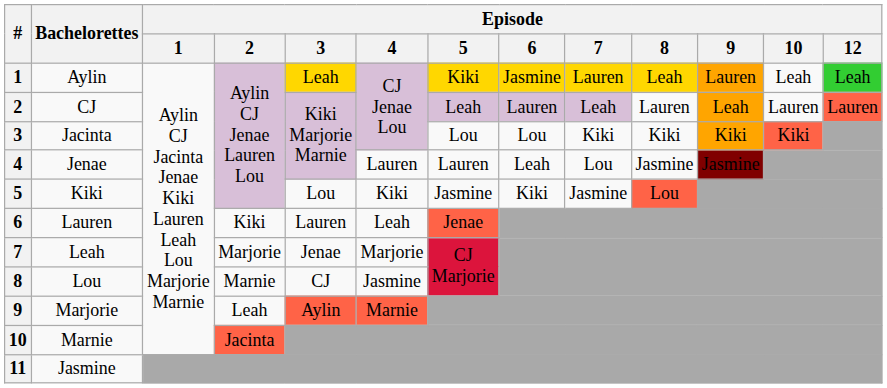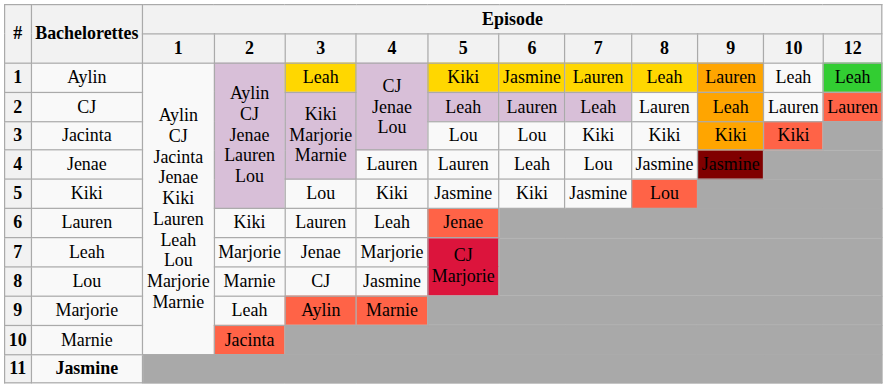 <table class="wikitable" style="text-align:center; font-size:92%">
 <tr>
 <th rowspan="2">#</th>
 <th rowspan="2">Bachelorettes</th>
 <th colspan="11">Episode</th>
 </tr>
 <tr>
 <th>1</th>
 <th>2</th>
 <th>3</th>
 <th>4</th>
 <th>5</th>
 <th>6</th>
 <th>7</th>
 <th>8</th>
 <th>9</th>
 <th>10</th>
 <th>12</th>
 </tr>
 <tr>
 <th>1</th>
 <td>Aylin</td>
 <td rowspan="10">Aylin<br>CJ<br>Jacinta<br>Jenae<br>Kiki<br>Lauren<br>Leah<br>Lou<br>Marjorie<br>Marnie</td>
 <td rowspan="5" bgcolor="thistle">Aylin<br>CJ<br>Jenae<br>Lauren<br>Lou</td>
 <td bgcolor="gold">Leah</td>
 <td rowspan="3" bgcolor="thistle">CJ<br>Jenae<br>Lou</td>
 <td bgcolor="gold">Kiki</td>
 <td bgcolor="gold">Jasmine</td>
 <td bgcolor="gold">Lauren</td>
 <td bgcolor="gold">Leah</td>
 <td bgcolor="orange">Lauren</td>
 <td>Leah</td>
 <td bgcolor="limegreen">Leah</td>
 </tr>
 <tr>
 <th>2</th>
 <td>CJ</td>
 <td rowspan="3" bgcolor="thistle">Kiki<br>Marjorie<br>Marnie</td>
 <td bgcolor="thistle">Leah</td>
 <td bgcolor="thistle">Lauren</td>
 <td bgcolor="thistle">Leah</td>
 <td>Lauren</td>
 <td bgcolor="orange">Leah</td>
 <td>Lauren</td>
 <td bgcolor="tomato">Lauren</td>
 </tr>
 <tr>
 <th>3</th>
 <td>Jacinta</td>
 <td>Lou</td>
 <td>Lou</td>
 <td>Kiki</td>
 <td>Kiki</td>
 <td bgcolor="orange">Kiki</td>
 <td bgcolor="tomato">Kiki</td>
 <td bgcolor="darkgrey"></td>
 </tr>
 <tr>
 <th>4</th>
 <td>Jenae</td>
 <td>Lauren</td>
 <td>Lauren</td>
 <td>Leah</td>
 <td>Lou</td>
 <td>Jasmine</td>
 <td bgcolor="maroon"><span>Jasmine</span></td>
 <td colspan="2" bgcolor="darkgrey"></td>
 </tr>
 <tr>
 <th>5</th>
 <td>Kiki</td>
 <td>Lou</td>
 <td>Kiki</td>
 <td>Jasmine</td>
 <td>Kiki</td>
 <td>Jasmine</td>
 <td bgcolor="tomato">Lou</td>
 <td colspan="3" bgcolor="darkgrey"></td>
 </tr>
 <tr>
 <th>6</th>
 <td>Lauren</td>
 <td>Kiki</td>
 <td>Lauren</td>
 <td>Leah</td>
 <td bgcolor="tomato">Jenae</td>
 <td colspan="6" bgcolor="darkgrey"></td>
 </tr>
 <tr>
 <th>7</th>
 <td>Leah</td>
 <td>Marjorie</td>
 <td>Jenae</td>
 <td>Marjorie</td>
 <td rowspan="2" style="background:crimson;"><span>CJ<br>Marjorie</span></td>
 <td colspan="6" rowspan="2" bgcolor="darkgrey"></td>
 </tr>
 <tr>
 <th>8</th>
 <td>Lou</td>
 <td>Marnie</td>
 <td>CJ</td>
 <td>Jasmine</td>
 </tr>
 <tr>
 <th>9</th>
 <td>Marjorie</td>
 <td>Leah</td>
 <td bgcolor="tomato">Aylin</td>
 <td bgcolor="tomato">Marnie</td>
 <td colspan="7" bgcolor="darkgrey"></td>
 </tr>
 <tr>
 <th>10</th>
 <td>Marnie</td>
 <td bgcolor="tomato">Jacinta</td>
 <td colspan="9" bgcolor="darkgrey"></td>
 </tr>
 <tr>
 <th>11</th>
-<td>Jasmine</td>
+<td><strong>Jasmine</strong></td>
 <td colspan="11" bgcolor="darkgrey"></td>
 </tr>
 </table>
